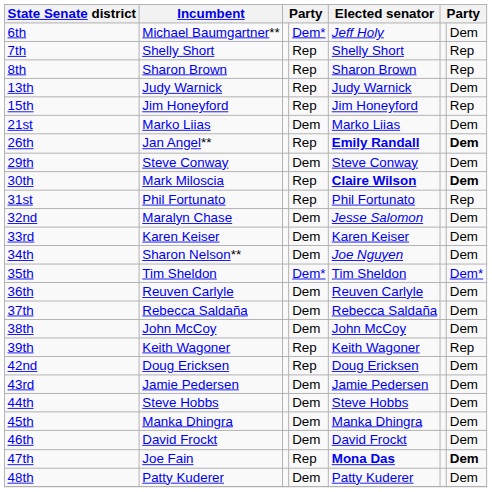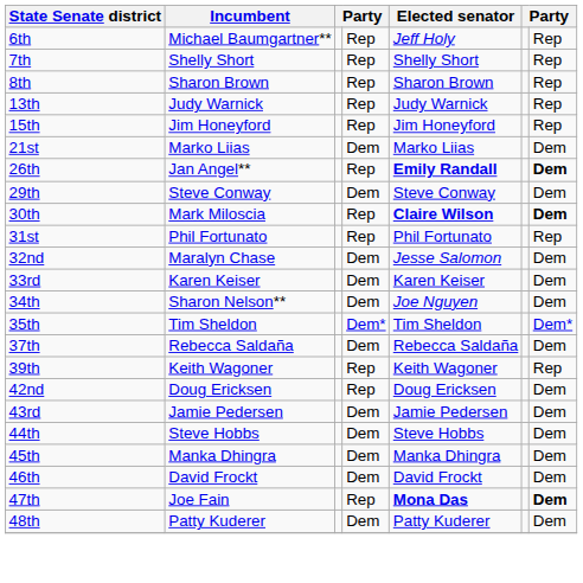 <table class="sortable wikitable" style="font-size:95%;line-height:14px;">
 <tr>
 <th colspan="1" class="unsortable"><a href='#'>State Senate</a> district</th>
 <th class="unsortable"><a href='#'>Incumbent</a></th>
 <th colspan="2">Party</th>
 <th class="unsortable">Elected senator</th>
 <th colspan="2">Party</th>
 </tr>
 <tr>
 <td><a href='#'>6th</a></td>
 <td><a href='#'>Michael Baumgartner</a>**</td>
 <td style="background:"></td>
-<td><a href='#'>Dem*</a></td>
+<td>Rep</td>
 <td><em><a href='#'>Jeff Holy</a></em></td>
 <td style="background:"></td>
-<td>Dem</td>
+<td>Rep</td>
 </tr>
 <tr>
 <td><a href='#'>7th</a></td>
 <td><a href='#'>Shelly Short</a></td>
 <td style="background:"></td>
 <td>Rep</td>
 <td><a href='#'>Shelly Short</a></td>
 <td style="background:"></td>
 <td>Rep</td>
 </tr>
 <tr>
 <td><a href='#'>8th</a></td>
 <td><a href='#'>Sharon Brown</a></td>
 <td style="background:"></td>
 <td>Rep</td>
 <td><a href='#'>Sharon Brown</a></td>
 <td style="background:"></td>
 <td>Rep</td>
 </tr>
 <tr>
 <td><a href='#'>13th</a></td>
 <td><a href='#'>Judy Warnick</a></td>
 <td style="background:"></td>
 <td>Rep</td>
 <td><a href='#'>Judy Warnick</a></td>
 <td style="background:"></td>
-<td>Dem</td>
+<td>Rep</td>
 </tr>
 <tr>
 <td><a href='#'>15th</a></td>
 <td><a href='#'>Jim Honeyford</a></td>
 <td style="background:"></td>
 <td>Rep</td>
 <td><a href='#'>Jim Honeyford</a></td>
 <td style="background:"></td>
 <td>Rep</td>
 </tr>
 <tr>
 <td><a href='#'>21st</a></td>
 <td><a href='#'>Marko Liias</a></td>
 <td style="background:"></td>
 <td>Dem</td>
 <td><a href='#'>Marko Liias</a></td>
 <td style="background:"></td>
 <td>Dem</td>
 </tr>
 <tr>
 <td><a href='#'>26th</a></td>
 <td><a href='#'>Jan Angel</a>**</td>
 <td style="background:"></td>
 <td>Rep</td>
 <td><strong><a href='#'>Emily Randall</a></strong></td>
 <td style="background:"></td>
 <td><strong>Dem</strong></td>
 </tr>
 <tr>
 <td><a href='#'>29th</a></td>
 <td><a href='#'>Steve Conway</a></td>
 <td style="background:"></td>
 <td>Dem</td>
 <td><a href='#'>Steve Conway</a></td>
 <td style="background:"></td>
 <td>Dem</td>
 </tr>
 <tr>
 <td><a href='#'>30th</a></td>
 <td><a href='#'>Mark Miloscia</a></td>
 <td style="background:"></td>
 <td>Rep</td>
 <td><strong><a href='#'>Claire Wilson</a></strong></td>
 <td style="background:"></td>
 <td><strong>Dem</strong></td>
 </tr>
 <tr>
 <td><a href='#'>31st</a></td>
 <td><a href='#'>Phil Fortunato</a></td>
 <td style="background:"></td>
 <td>Rep</td>
 <td><a href='#'>Phil Fortunato</a></td>
 <td style="background:"></td>
 <td>Rep</td>
 </tr>
 <tr>
 <td><a href='#'>32nd</a></td>
 <td><a href='#'>Maralyn Chase</a></td>
 <td style="background:"></td>
 <td>Dem</td>
 <td><em><a href='#'>Jesse Salomon</a></em></td>
 <td style="background:"></td>
 <td>Dem</td>
 </tr>
 <tr>
 <td><a href='#'>33rd</a></td>
 <td><a href='#'>Karen Keiser</a></td>
 <td style="background:"></td>
 <td>Dem</td>
 <td><a href='#'>Karen Keiser</a></td>
 <td style="background:"></td>
 <td>Dem</td>
 </tr>
 <tr>
 <td><a href='#'>34th</a></td>
 <td><a href='#'>Sharon Nelson</a>**</td>
 <td style="background:"></td>
 <td>Dem</td>
 <td><em><a href='#'>Joe Nguyen</a></em></td>
 <td style="background:"></td>
 <td>Dem</td>
 </tr>
 <tr>
 <td><a href='#'>35th</a></td>
 <td><a href='#'>Tim Sheldon</a></td>
 <td style="background:"></td>
 <td><a href='#'>Dem*</a></td>
 <td><a href='#'>Tim Sheldon</a></td>
 <td style="background:"></td>
 <td><a href='#'>Dem*</a></td>
 </tr>
 <tr>
-<td><a href='#'>36th</a></td>
-<td><a href='#'>Reuven Carlyle</a></td>
-<td style="background:"></td>
-<td>Dem</td>
-<td><a href='#'>Reuven Carlyle</a></td>
-<td style="background:"></td>
-<td>Dem</td>
-</tr>
-<tr>
 <td><a href='#'>37th</a></td>
 <td><a href='#'>Rebecca Saldaña</a></td>
 <td style="background:"></td>
 <td>Dem</td>
 <td><a href='#'>Rebecca Saldaña</a></td>
-<td style="background:"></td>
-<td>Dem</td>
-</tr>
-<tr>
-<td><a href='#'>38th</a></td>
-<td><a href='#'>John McCoy</a></td>
-<td style="background:"></td>
-<td>Dem</td>
-<td><a href='#'>John McCoy</a></td>
 <td style="background:"></td>
 <td>Dem</td>
 </tr>
 <tr>
 <td><a href='#'>39th</a></td>
 <td><a href='#'>Keith Wagoner</a></td>
 <td style="background:"></td>
 <td>Rep</td>
 <td><a href='#'>Keith Wagoner</a></td>
 <td style="background:"></td>
 <td>Rep</td>
 </tr>
 <tr>
 <td><a href='#'>42nd</a></td>
 <td><a href='#'>Doug Ericksen</a></td>
 <td style="background:"></td>
 <td>Rep</td>
 <td><a href='#'>Doug Ericksen</a></td>
 <td style="background:"></td>
 <td>Dem</td>
 </tr>
 <tr>
 <td><a href='#'>43rd</a></td>
 <td><a href='#'>Jamie Pedersen</a></td>
 <td style="background:"></td>
 <td>Dem</td>
 <td><a href='#'>Jamie Pedersen</a></td>
 <td style="background:"></td>
 <td>Dem</td>
 </tr>
 <tr>
 <td><a href='#'>44th</a></td>
 <td><a href='#'>Steve Hobbs</a></td>
 <td style="background:"></td>
 <td>Dem</td>
 <td><a href='#'>Steve Hobbs</a></td>
 <td style="background:"></td>
 <td>Dem</td>
 </tr>
 <tr>
 <td><a href='#'>45th</a></td>
 <td><a href='#'>Manka Dhingra</a></td>
 <td style="background:"></td>
 <td>Dem</td>
 <td><a href='#'>Manka Dhingra</a></td>
 <td style="background:"></td>
 <td>Dem</td>
 </tr>
 <tr>
 <td><a href='#'>46th</a></td>
 <td><a href='#'>David Frockt</a></td>
 <td style="background:"></td>
 <td>Dem</td>
 <td><a href='#'>David Frockt</a></td>
 <td style="background:"></td>
 <td>Dem</td>
 </tr>
 <tr>
 <td><a href='#'>47th</a></td>
 <td><a href='#'>Joe Fain</a></td>
 <td style="background:"></td>
 <td>Rep</td>
 <td><strong><a href='#'>Mona Das</a></strong></td>
 <td style="background:"></td>
 <td><strong>Dem</strong></td>
 </tr>
 <tr>
 <td><a href='#'>48th</a></td>
 <td><a href='#'>Patty Kuderer</a></td>
 <td style="background:"></td>
 <td>Dem</td>
 <td><a href='#'>Patty Kuderer</a></td>
 <td style="background:"></td>
 <td>Dem</td>
 </tr>
 <tr>
 </tr>
 </table>
